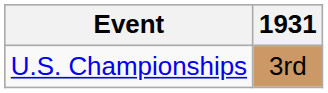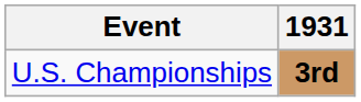 <table class="wikitable">
 <tr>
 <th>Event</th>
 <th>1931</th>
 </tr>
 <tr>
 <td><a href='#'>U.S. Championships</a></td>
-<td align="center" bgcolor="cc9966">3rd</td>
+<td align="center" bgcolor="cc9966"><strong>3rd</strong></td>
 </tr>
 </table>
